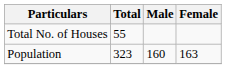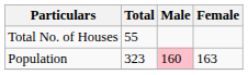 <table class="wikitable sortable">
 <tr>
 <th>Particulars</th>
 <th>Total</th>
 <th>Male</th>
 <th>Female</th>
 </tr>
 <tr>
 <td>Total No. of Houses</td>
 <td>55</td>
 <td></td>
 <td></td>
 </tr>
 <tr>
 <td>Population</td>
 <td>323</td>
-<td>160</td>
+<td style="background: pink;">160</td>
 <td>163</td>
 </tr>
 <tr>
 </tr>
 </table>
